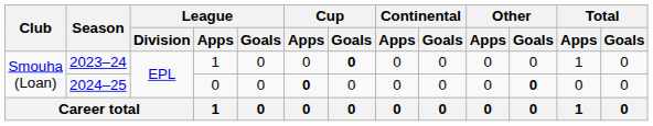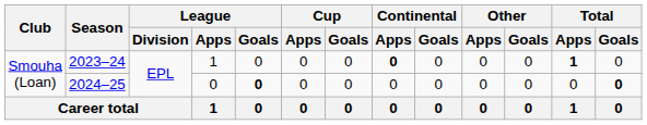 <table class=wikitable style=text-align:center>
 <tr>
 <th rowspan=2>Club</th>
 <th rowspan=2>Season</th>
 <th colspan=3>League</th>
 <th colspan=2>Cup</th>
 <th colspan=2>Continental</th>
 <th colspan=2>Other</th>
 <th colspan=2>Total</th>
 </tr>
 <tr>
 <th>Division</th>
 <th>Apps</th>
 <th>Goals</th>
 <th>Apps</th>
 <th>Goals</th>
 <th>Apps</th>
 <th>Goals</th>
 <th>Apps</th>
 <th>Goals</th>
 <th>Apps</th>
 <th>Goals</th>
 </tr>
 <tr>
 <td rowspan="2"><a href='#'>Smouha</a><br>(Loan)</td>
 <td><a href='#'>2023–24</a></td>
 <td rowspan="2"><a href='#'>EPL</a></td>
 <td>1</td>
 <td>0</td>
 <td>0</td>
+<td>0</td>
 <td><strong>0</strong></td>
 <td>0</td>
 <td>0</td>
 <td>0</td>
-<td>0</td>
-<td>1</td>
+<td><strong>1</strong></td>
 <td>0</td>
 </tr>
 <tr>
 <td><a href='#'>2024–25</a></td>
-<td>0</td>
 <td>0</td>
 <td><strong>0</strong></td>
 <td>0</td>
 <td>0</td>
 <td>0</td>
 <td>0</td>
-<td><strong>0</strong></td>
 <td>0</td>
 <td>0</td>
+<td>0</td>
+<td><strong>0</strong></td>
 </tr>
 <tr>
 <th colspan=3>Career total</th>
 <th>1</th>
 <th>0</th>
 <th>0</th>
 <th>0</th>
 <th>0</th>
 <th>0</th>
 <th>0</th>
 <th>0</th>
 <th>1</th>
 <th>0</th>
 </tr>
 </table>
